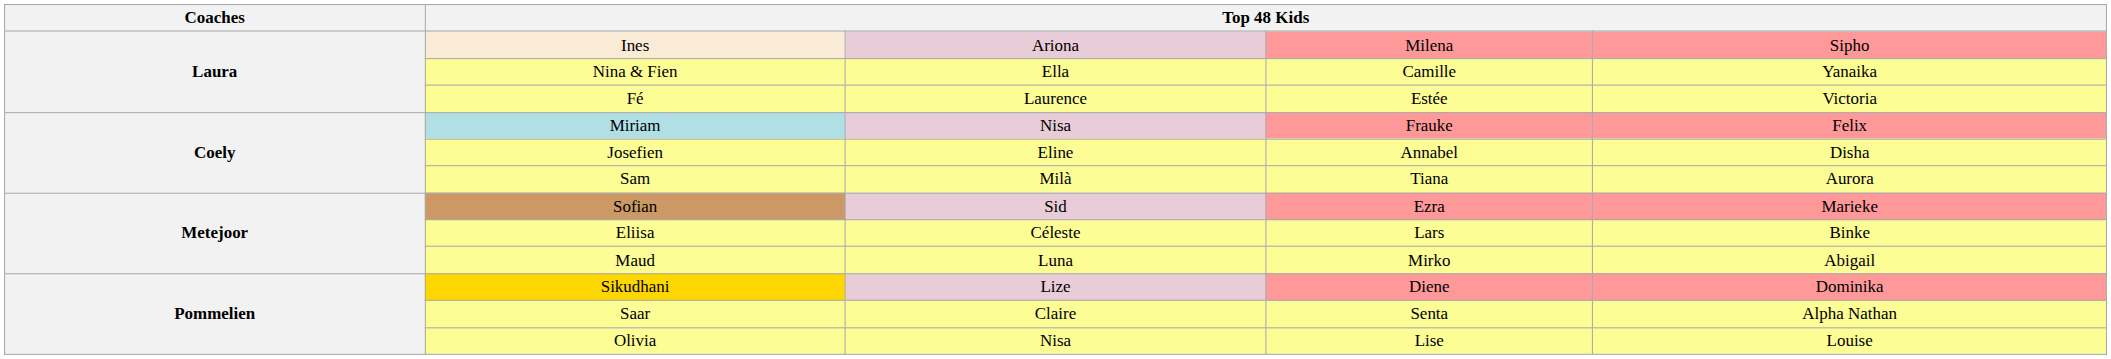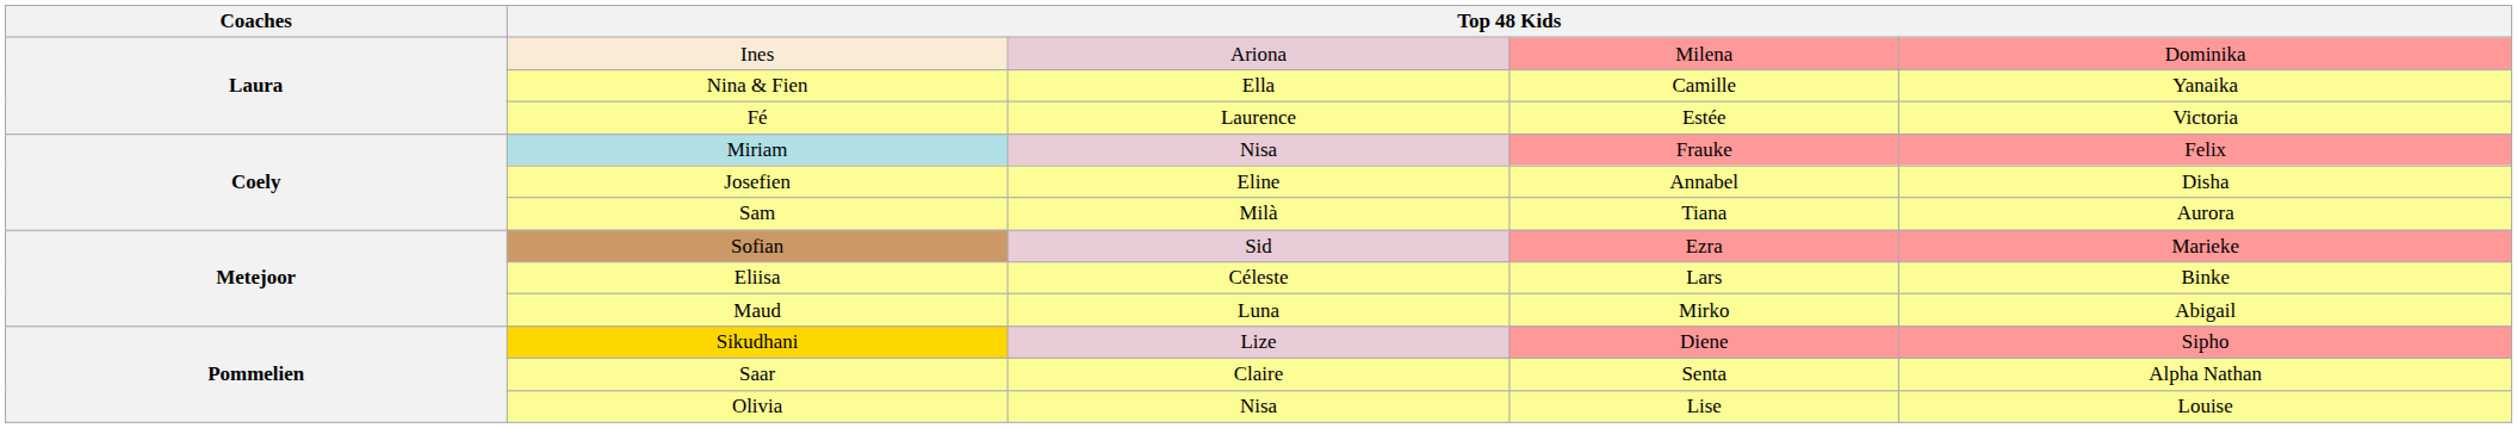 <table class="wikitable" style="text-align:center; width:100%">
 <tr>
 <th width="20%" scope="col">Coaches</th>
 <th width="80%" colspan="4" scope="col">Top 48 Kids</th>
 </tr>
 <tr>
 <th rowspan="3">Laura</th>
 <td style="background:antiquewhite; width:20%">Ines</td>
 <td style="background:#E8CCD7; width:20%">Ariona</td>
 <td style="background:#FF9999">Milena</td>
-<td style="background:#FF9999">Sipho</td>
+<td style="background:#FF9999">Dominika</td>
 </tr>
 <tr>
 <td style="background:#FDFD96">Nina & Fien</td>
 <td style="background:#FDFD96">Ella</td>
 <td style="background:#FDFD96">Camille</td>
 <td style="background:#FDFD96">Yanaika</td>
 </tr>
 <tr>
 <td style="background:#FDFD96">Fé</td>
 <td style="background:#FDFD96">Laurence</td>
 <td style="background:#FDFD96">Estée</td>
 <td style="background:#FDFD96">Victoria</td>
 </tr>
 <tr>
 <th rowspan="3">Coely</th>
 <td style="background:#B0E0E6">Miriam</td>
 <td style="background:#E8CCD7">Nisa</td>
 <td style="background:#FF9999">Frauke</td>
 <td style="background:#FF9999">Felix</td>
 </tr>
 <tr>
 <td style="background:#FDFD96">Josefien</td>
 <td style="background:#FDFD96">Eline</td>
 <td style="background:#FDFD96">Annabel</td>
 <td style="background:#FDFD96">Disha</td>
 </tr>
 <tr>
 <td style="background:#FDFD96">Sam</td>
 <td style="background:#FDFD96">Milà</td>
 <td style="background:#FDFD96">Tiana</td>
 <td style="background:#FDFD96">Aurora</td>
 </tr>
 <tr>
 <th rowspan="3">Metejoor</th>
 <td style="background:#cc9966">Sofian</td>
 <td style="background:#E8CCD7">Sid</td>
 <td style="background:#FF9999">Ezra</td>
 <td style="background:#FF9999">Marieke</td>
 </tr>
 <tr>
 <td style="background:#FDFD96">Eliisa</td>
 <td style="background:#FDFD96">Céleste</td>
 <td style="background:#FDFD96">Lars</td>
 <td style="background:#FDFD96">Binke</td>
 </tr>
 <tr>
 <td style="background:#FDFD96">Maud</td>
 <td style="background:#FDFD96">Luna</td>
 <td style="background:#FDFD96">Mirko</td>
 <td style="background:#FDFD96">Abigail</td>
 </tr>
 <tr>
 <th rowspan="3">Pommelien</th>
 <td style="background:gold">Sikudhani</td>
 <td style="background:#E8CCD7">Lize</td>
 <td style="background:#FF9999">Diene</td>
-<td style="background:#FF9999">Dominika</td>
+<td style="background:#FF9999">Sipho</td>
 </tr>
 <tr>
 <td style="background:#FDFD96">Saar</td>
 <td style="background:#FDFD96">Claire</td>
 <td style="background:#FDFD96">Senta</td>
 <td style="background:#FDFD96">Alpha Nathan</td>
 </tr>
 <tr>
 <td style="background:#FDFD96">Olivia</td>
 <td style="background:#FDFD96">Nisa</td>
 <td style="background:#FDFD96">Lise</td>
 <td style="background:#FDFD96">Louise</td>
 </tr>
 </table>
